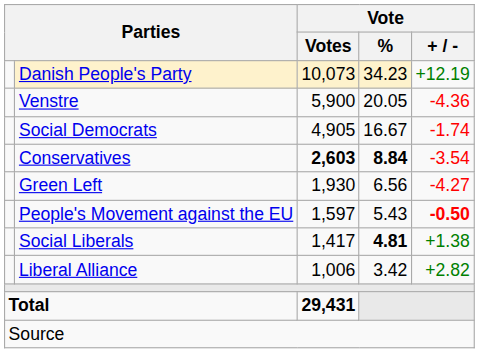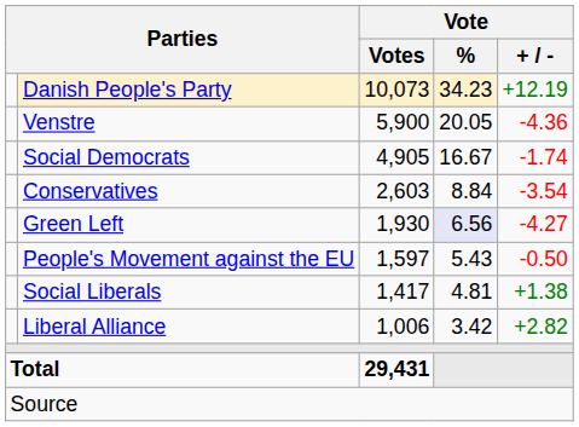 <table class="wikitable" style="text-align:right;">
 <tr>
 <th style="text-align:centre;" rowspan="2" colspan="2" width="225">Parties</th>
 <th colspan="3">Vote</th>
 </tr>
 <tr>
 <th width="15">Votes</th>
 <th width="15">%</th>
 <th width="15">+ / -</th>
 </tr>
 <tr>
 <td width="2" style="color:inherit;background:"></td>
 <td bgcolor=#fef2cc   align="left"><a href='#'>Danish People's Party</a></td>
 <td bgcolor=#fef2cc>10,073</td>
 <td bgcolor=#fef2cc>34.23</td>
 <td style=color:green;>+12.19</td>
 </tr>
 <tr>
 <td width="2" style="color:inherit;background:"></td>
 <td align="left"><a href='#'>Venstre</a></td>
 <td>5,900</td>
 <td>20.05</td>
 <td style=color:red;>-4.36</td>
 </tr>
 <tr>
 <td width="2" style="color:inherit;background:"></td>
 <td align="left"><a href='#'>Social Democrats</a></td>
 <td>4,905</td>
 <td>16.67</td>
 <td style=color:red;>-1.74</td>
 </tr>
 <tr>
 <td width="2" style="color:inherit;background:"></td>
 <td align="left"><a href='#'>Conservatives</a></td>
-<td><strong>2,603</strong></td>
-<td><strong>8.84</strong></td>
+<td>2,603</td>
+<td>8.84</td>
 <td style=color:red;>-3.54</td>
 </tr>
 <tr>
 <td width="2" style="color:inherit;background:"></td>
 <td align="left"><a href='#'>Green Left</a></td>
 <td>1,930</td>
-<td>6.56</td>
+<td style="background: lavender;">6.56</td>
 <td style=color:red;>-4.27</td>
 </tr>
 <tr>
 <td width="2" style="color:inherit;background:"></td>
 <td align="left"><a href='#'>People's Movement against the EU</a></td>
 <td>1,597</td>
 <td>5.43</td>
-<td style=color:red;><strong>-0.50</strong></td>
+<td style=color:red;>-0.50</td>
 </tr>
 <tr>
 <td width="2" style="color:inherit;background:"></td>
 <td align="left"><a href='#'>Social Liberals</a></td>
 <td>1,417</td>
-<td><strong>4.81</strong></td>
+<td>4.81</td>
 <td style=color:green;>+1.38</td>
 </tr>
 <tr>
 <td width="2" style="color:inherit;background:"></td>
 <td align="left"><a href='#'>Liberal Alliance</a></td>
 <td>1,006</td>
 <td>3.42</td>
 <td style=color:green;>+2.82</td>
 </tr>
 <tr>
 <td colspan="7" bgcolor="#E9E9E9"></td>
 </tr>
 <tr>
 <td align="left" colspan="2"><strong>Total</strong></td>
 <td><strong>29,431</strong></td>
 <td bgcolor="#E9E9E9" colspan="2"></td>
 </tr>
 <tr>
 <td align="left" colspan="6">Source</td>
 </tr>
 </table>
